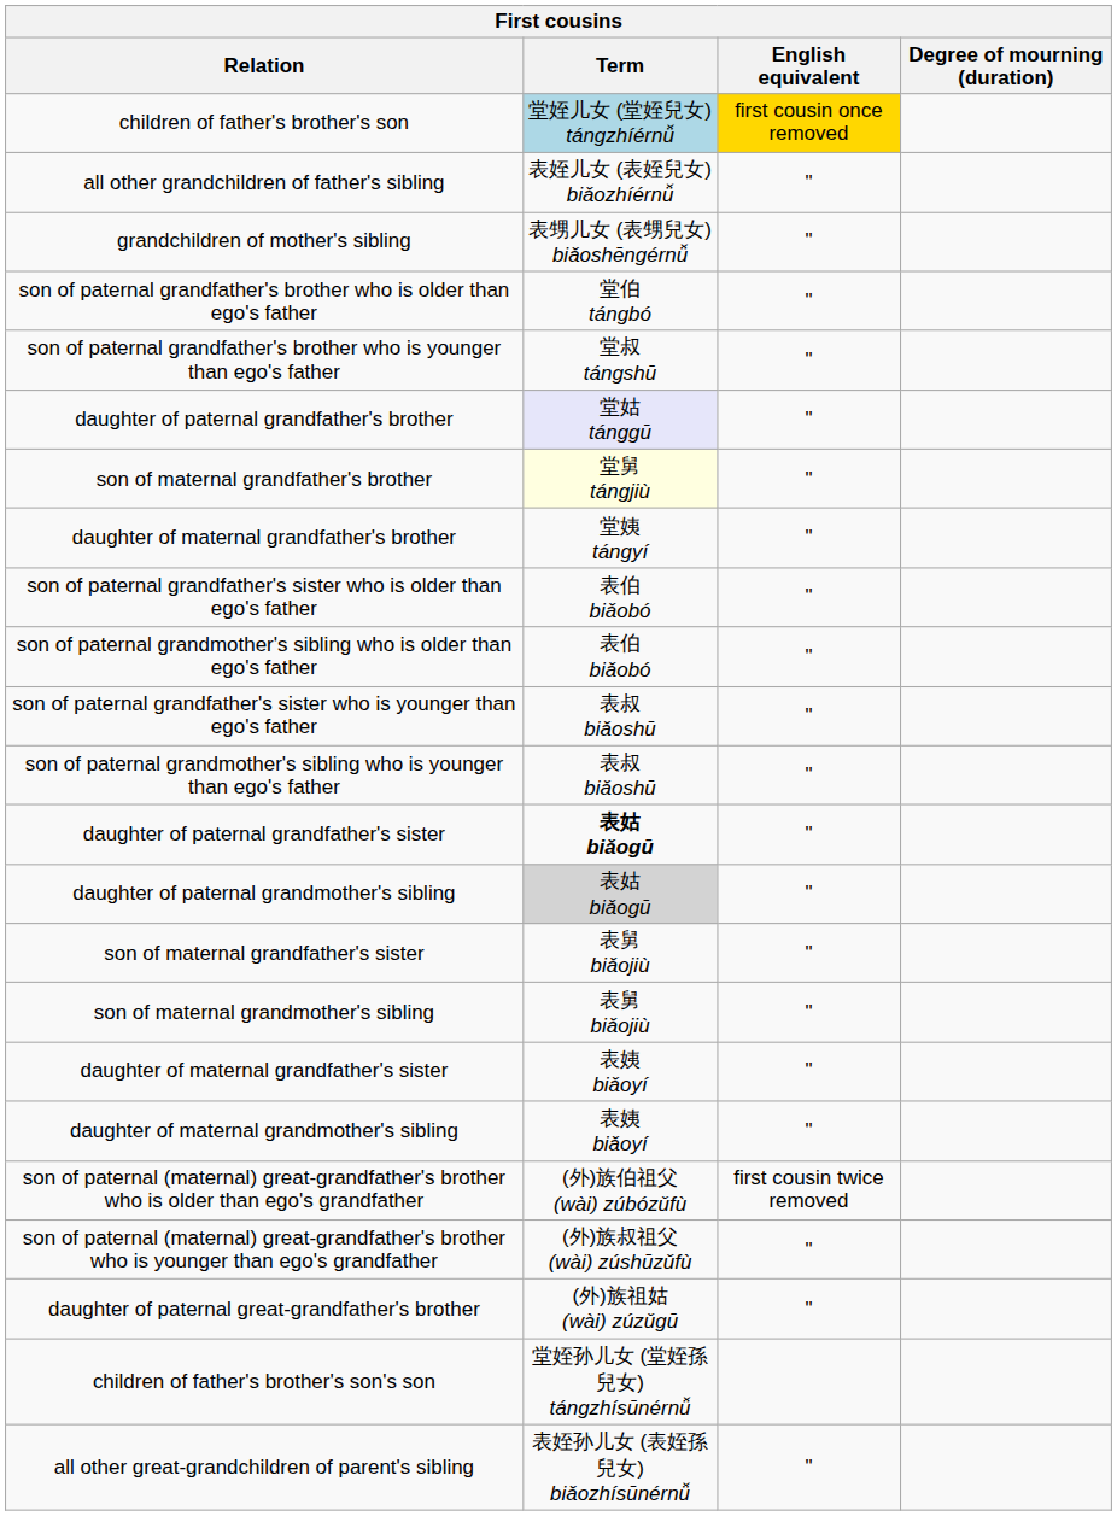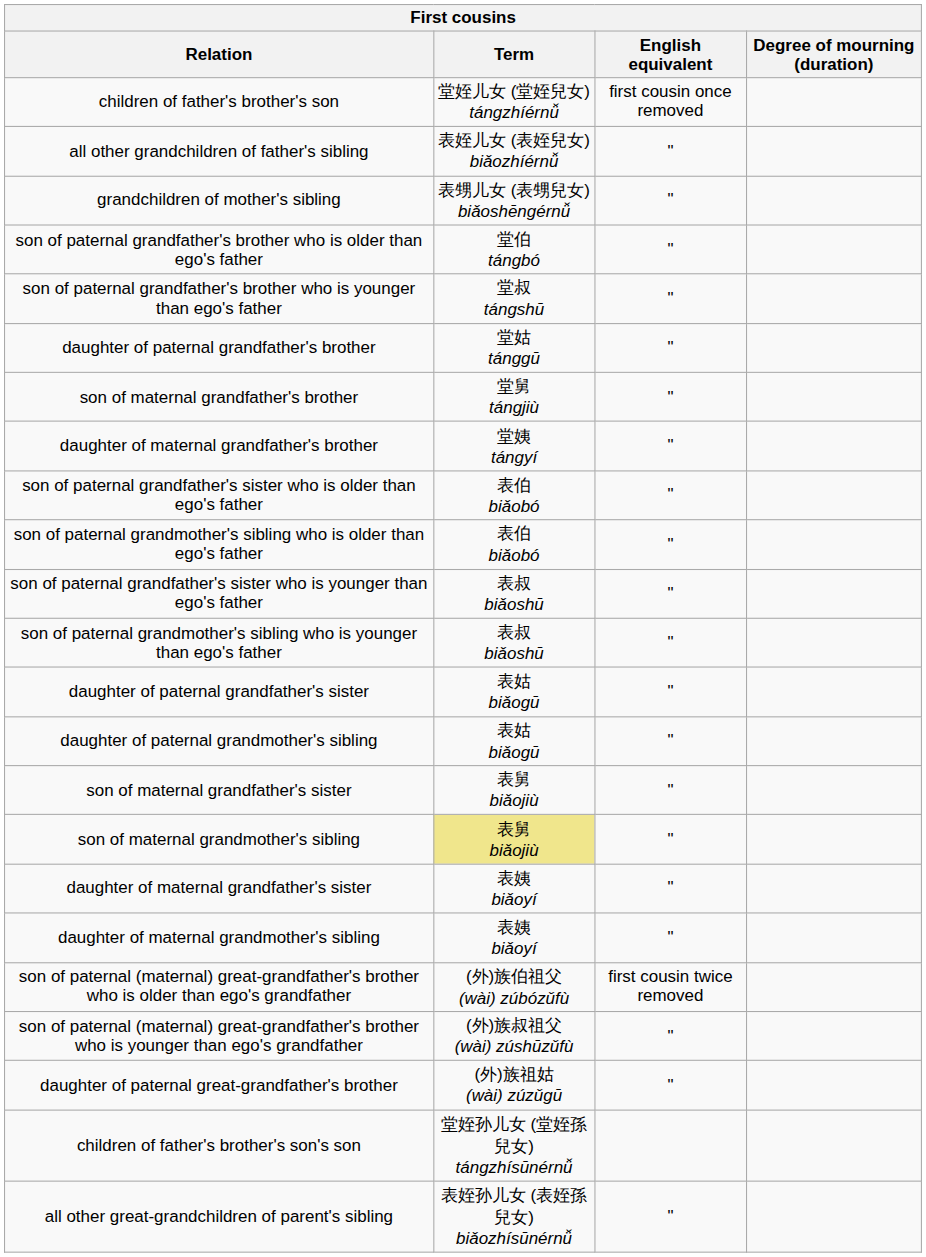 <table class="collapsible wikitable collapsed" style="width: 98%; border: #999 solid 1px; text-align: center; margin-bottom: 0;">
 <tr>
 <th colspan="5">First cousins</th>
 </tr>
 <tr>
 <th>Relation</th>
 <th>Term</th>
 <th>English equivalent</th>
 <th>Degree of mourning (duration)</th>
 </tr>
 <tr>
 <td>children of father's brother's son</td>
-<td style="background: lightblue;">堂姪儿女 (堂姪兒女) <br><em>tángzhíérnǚ</em></td>
-<td style="background: gold;">first cousin once removed</td>
+<td>堂姪儿女 (堂姪兒女) <br><em>tángzhíérnǚ</em></td>
+<td>first cousin once removed</td>
 <td></td>
 </tr>
 <tr>
 <td>all other grandchildren of father's sibling</td>
 <td>表姪儿女 (表姪兒女) <br><em>biǎozhíérnǚ</em></td>
 <td>"</td>
 <td></td>
 </tr>
 <tr>
 <td>grandchildren of mother's sibling</td>
 <td>表甥儿女 (表甥兒女) <br><em>biǎoshēngérnǚ</em></td>
 <td>"</td>
 <td></td>
 </tr>
 <tr>
 <td>son of paternal grandfather's brother who is older than ego's father</td>
 <td>堂伯 <br><em>tángbó</em></td>
 <td>"</td>
 <td></td>
 </tr>
 <tr>
 <td>son of paternal grandfather's brother who is younger than ego's father</td>
 <td>堂叔 <br><em>tángshū</em></td>
 <td>"</td>
 <td></td>
 </tr>
 <tr>
 <td>daughter of paternal grandfather's brother</td>
-<td style="background: lavender;">堂姑 <br><em>tánggū</em></td>
+<td>堂姑 <br><em>tánggū</em></td>
 <td>"</td>
 <td></td>
 </tr>
 <tr>
 <td>son of maternal grandfather's brother</td>
-<td style="background: lightyellow;">堂舅<br><em>tángjiù</em></td>
+<td>堂舅<br><em>tángjiù</em></td>
 <td>"</td>
 <td></td>
 </tr>
 <tr>
 <td>daughter of maternal grandfather's brother</td>
 <td>堂姨 <br><em>tángyí</em></td>
 <td>"</td>
 <td></td>
 </tr>
 <tr>
 <td>son of paternal grandfather's sister who is older than ego's father</td>
 <td>表伯 <br><em>biǎobó</em></td>
 <td>"</td>
 <td></td>
 </tr>
 <tr>
 <td>son of paternal grandmother's sibling who is older than ego's father</td>
 <td>表伯 <br><em>biǎobó</em></td>
 <td>"</td>
 <td></td>
 </tr>
 <tr>
 <td>son of paternal grandfather's sister who is younger than ego's father</td>
 <td>表叔 <br><em>biǎoshū</em></td>
 <td>"</td>
 <td></td>
 </tr>
 <tr>
 <td>son of paternal grandmother's sibling who is younger than ego's father</td>
 <td>表叔 <br><em>biǎoshū</em></td>
 <td>"</td>
 <td></td>
 </tr>
 <tr>
 <td>daughter of paternal grandfather's sister</td>
-<td><strong>表姑 <br><em>biǎogū</em></strong></td>
+<td>表姑 <br><em>biǎogū</em></td>
 <td>"</td>
 <td></td>
 </tr>
 <tr>
 <td>daughter of paternal grandmother's sibling</td>
-<td style="background: lightgrey;">表姑 <br><em>biǎogū</em></td>
+<td>表姑 <br><em>biǎogū</em></td>
 <td>"</td>
 <td></td>
 </tr>
 <tr>
 <td>son of maternal grandfather's sister</td>
 <td>表舅 <br><em>biǎojiù</em></td>
 <td>"</td>
 <td></td>
 </tr>
 <tr>
 <td>son of maternal grandmother's sibling</td>
-<td>表舅 <br><em>biǎojiù</em></td>
+<td style="background: khaki;">表舅 <br><em>biǎojiù</em></td>
 <td>"</td>
 <td></td>
 </tr>
 <tr>
 <td>daughter of maternal grandfather's sister</td>
 <td>表姨 <br><em>biǎoyí</em></td>
 <td>"</td>
 <td></td>
 </tr>
 <tr>
 <td>daughter of maternal grandmother's sibling</td>
 <td>表姨 <br><em>biǎoyí</em></td>
 <td>"</td>
 <td></td>
 </tr>
 <tr>
 <td>son of paternal (maternal) great-grandfather's brother who is older than ego's grandfather</td>
 <td>(外)族伯祖父 <br><em>(wài) zúbózǔfù</em></td>
 <td>first cousin twice removed</td>
 <td></td>
 </tr>
 <tr>
 <td>son of paternal (maternal) great-grandfather's brother who is younger than ego's grandfather</td>
 <td>(外)族叔祖父 <br><em>(wài) zúshūzǔfù</em></td>
 <td>"</td>
 <td></td>
 </tr>
 <tr>
 <td>daughter of paternal great-grandfather's brother</td>
 <td>(外)族祖姑 <br><em>(wài) zúzǔgū</em></td>
 <td>"</td>
 <td></td>
 </tr>
 <tr>
 <td>children of father's brother's son's son</td>
 <td>堂姪孙儿女 (堂姪孫兒女) <br><em>tángzhísūnérnǚ</em></td>
 <td></td>
 <td></td>
 </tr>
 <tr>
 <td>all other great-grandchildren of parent's sibling</td>
 <td>表姪孙儿女 (表姪孫兒女) <br><em>biǎozhísūnérnǚ</em></td>
 <td>"</td>
 <td></td>
 </tr>
 </table>
